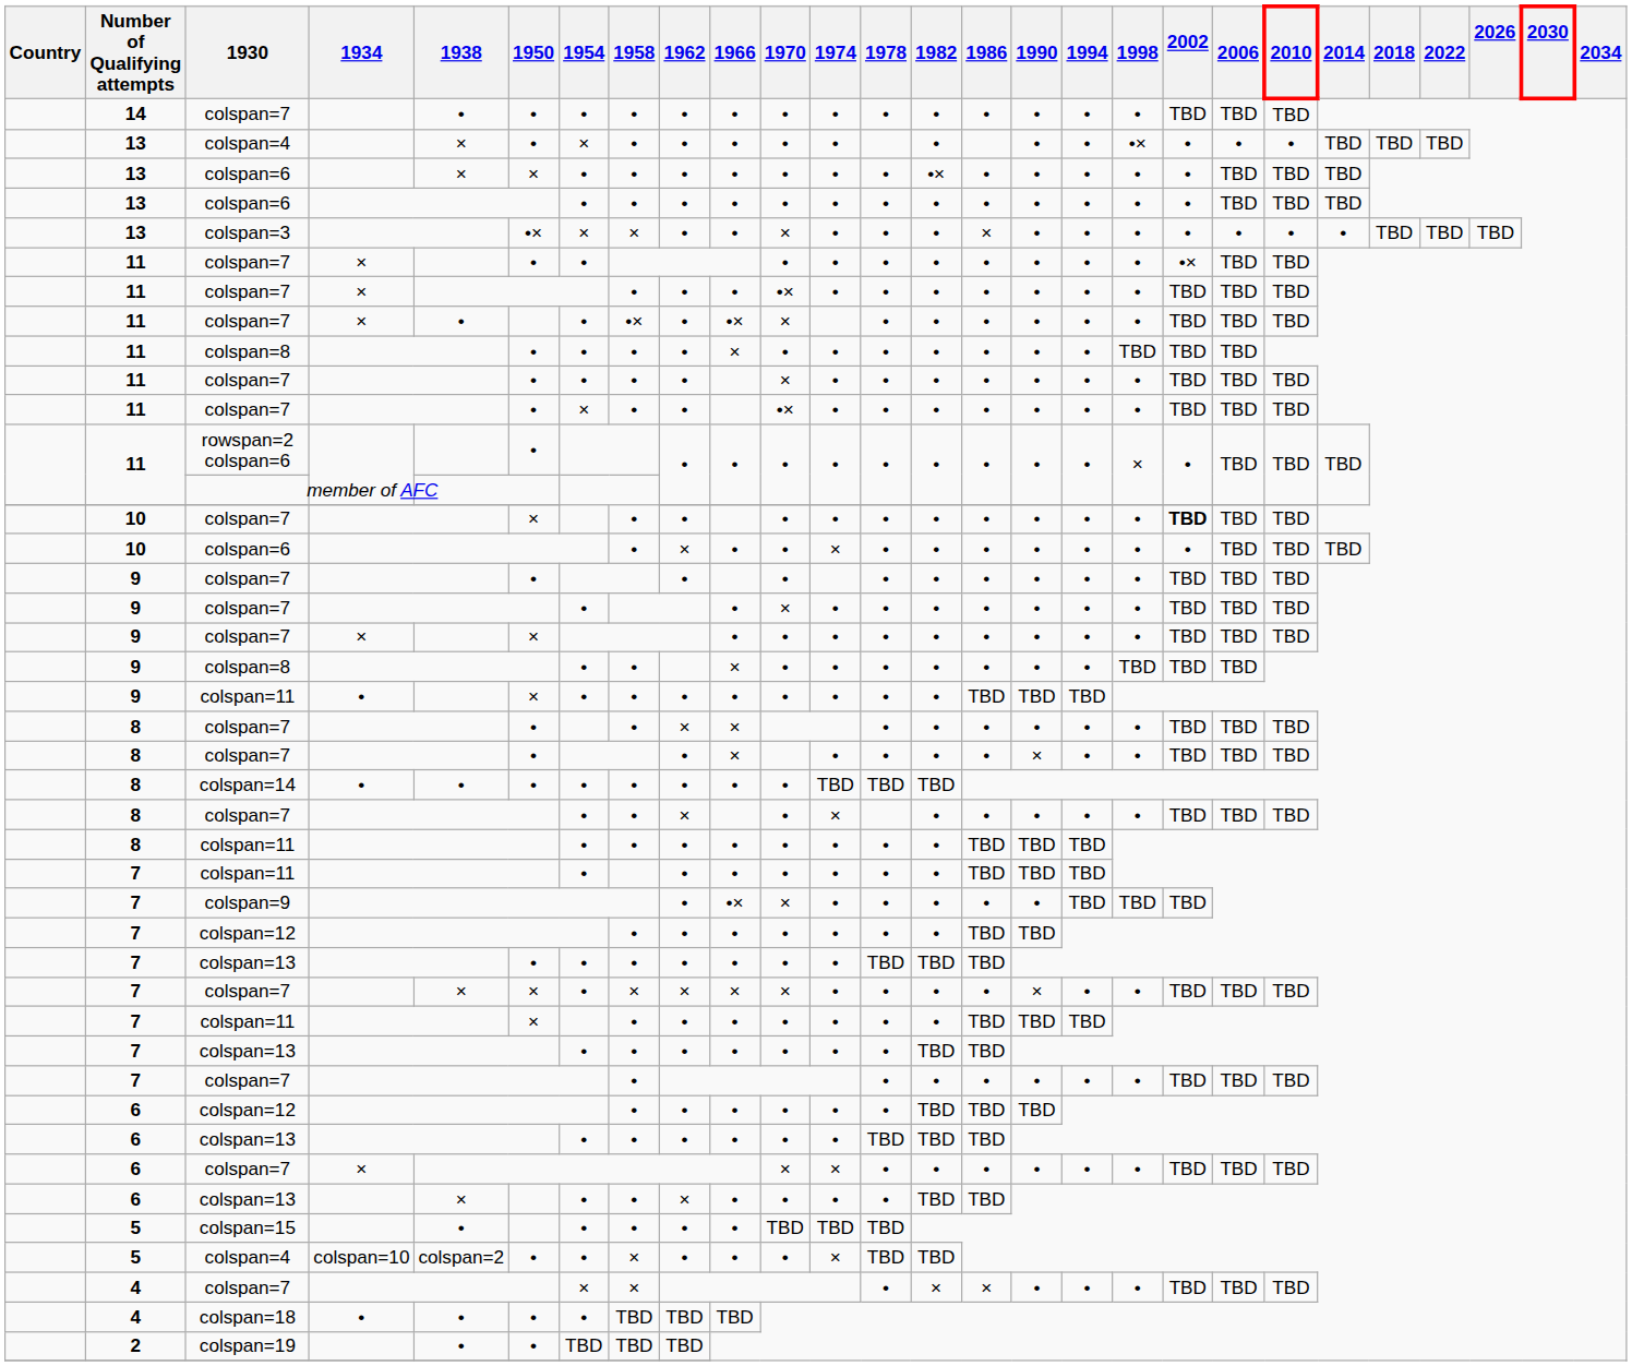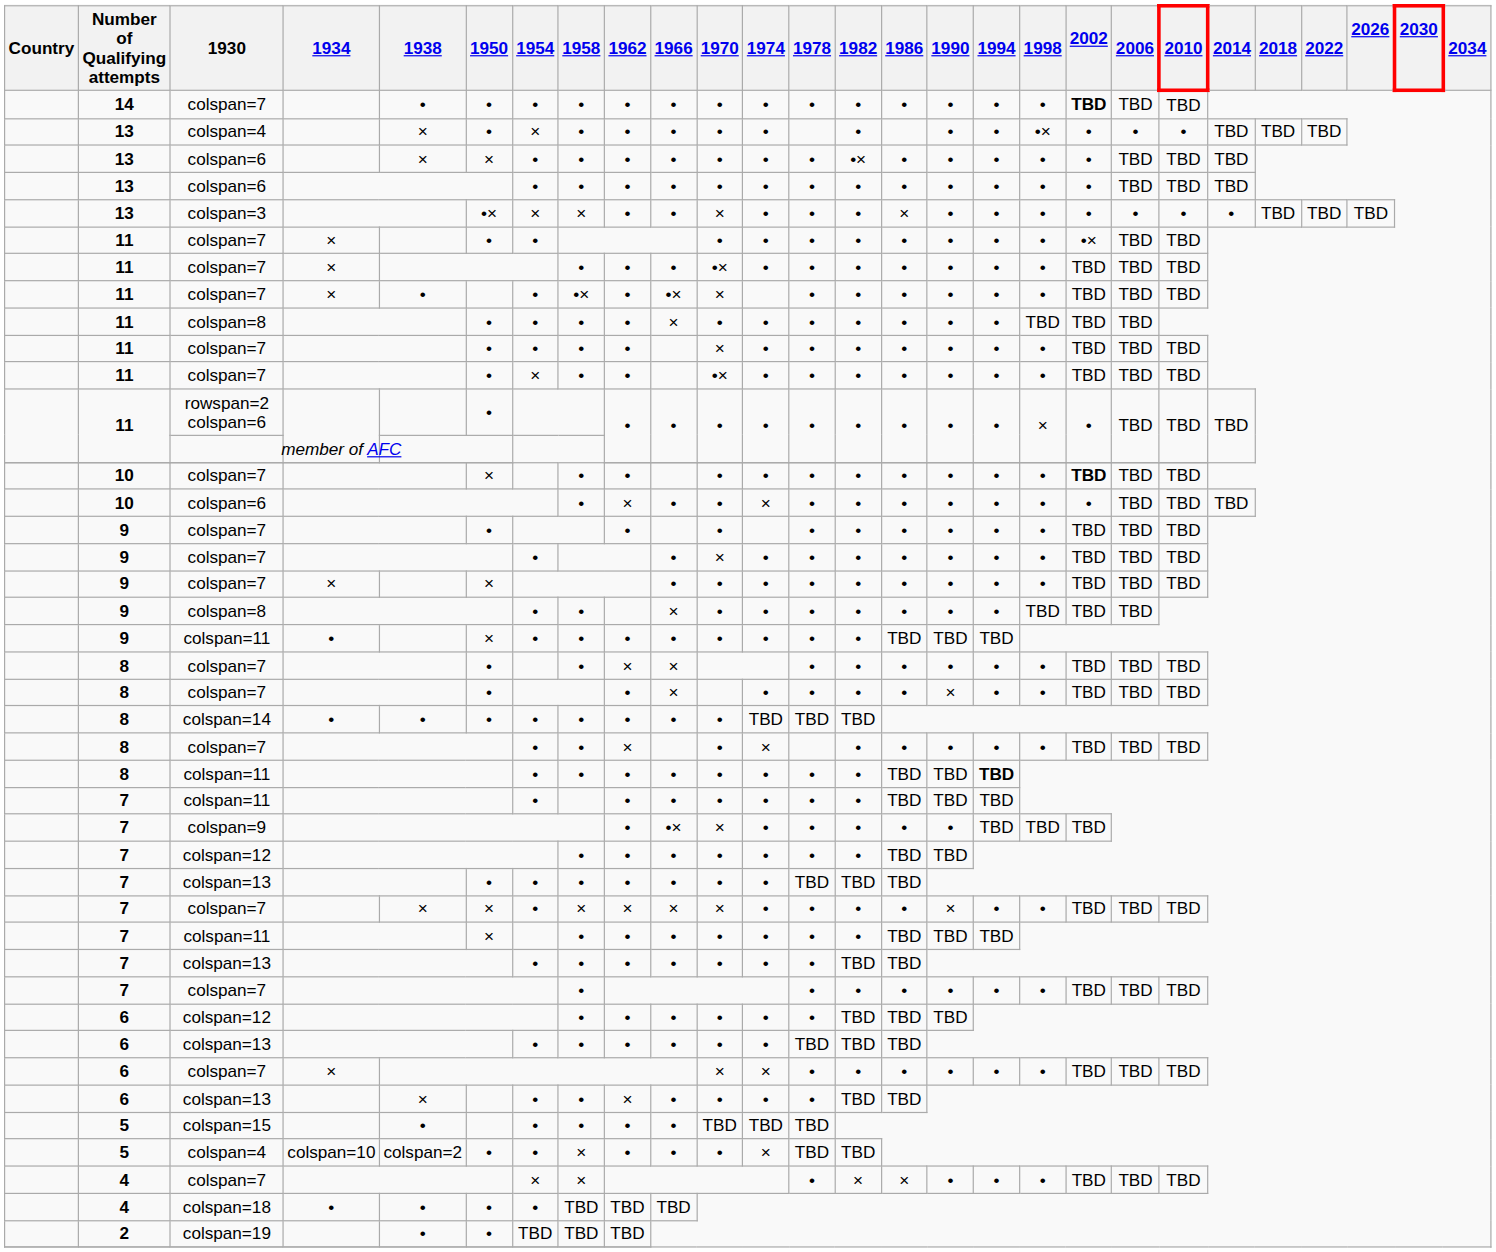 <table class="wikitable" style="text-align: center; font-size: 90%">
 <tr>
 <th>Country</th>
 <th>Number of <br> Qualifying<br>attempts</th>
 <th>1930<br> </th>
 <th><a href='#'>1934</a><br> </th>
 <th><a href='#'>1938</a><br> </th>
 <th><a href='#'>1950</a><br> </th>
 <th><a href='#'>1954</a><br> </th>
 <th><a href='#'>1958</a><br> </th>
 <th><a href='#'>1962</a><br> </th>
 <th><a href='#'>1966</a><br> </th>
 <th><a href='#'>1970</a><br> </th>
 <th><a href='#'>1974</a><br> </th>
 <th><a href='#'>1978</a><br> </th>
 <th><a href='#'>1982</a><br> </th>
 <th><a href='#'>1986</a><br> </th>
 <th><a href='#'>1990</a><br> </th>
 <th><a href='#'>1994</a><br> </th>
 <th><a href='#'>1998</a><br> </th>
 <th><a href='#'>2002</a><br> <br></th>
 <th><a href='#'>2006</a><br> </th>
 <th style="border:3px solid red"><a href='#'>2010</a><br> </th>
 <th><a href='#'>2014</a><br> </th>
 <th><a href='#'>2018</a><br> </th>
 <th><a href='#'>2022</a><br> </th>
 <th><a href='#'>2026</a><br> <br><br></th>
 <th style="border:3px solid red"><a href='#'>2030</a><br> <br><br></th>
 <th><a href='#'>2034</a><br> </th>
 </tr>
 <tr>
 <td style="text-align: left;"></td>
 <td><strong>14</strong></td>
 <td>colspan=7 </td>
 <td></td>
 <td>•</td>
 <td>•</td>
 <td>•</td>
 <td>•</td>
 <td>•</td>
 <td>•</td>
 <td>•</td>
 <td>•</td>
 <td>•</td>
 <td>•</td>
 <td>•</td>
 <td>•</td>
 <td>•</td>
 <td>•</td>
-<td>TBD</td>
+<td><strong>TBD</strong></td>
 <td>TBD</td>
 <td>TBD</td>
 </tr>
 <tr>
 <td style="text-align: left;"></td>
 <td><strong>13</strong></td>
 <td>colspan=4 </td>
 <td></td>
 <td>×</td>
 <td>•</td>
 <td>×</td>
 <td>•</td>
 <td>•</td>
 <td>•</td>
 <td>•</td>
 <td>•</td>
 <td></td>
 <td>•</td>
 <td></td>
 <td>•</td>
 <td>•</td>
 <td>•×</td>
 <td>•</td>
 <td>•</td>
 <td>•</td>
 <td>TBD</td>
 <td>TBD</td>
 <td>TBD</td>
 </tr>
 <tr>
 <td style="text-align: left;"></td>
 <td><strong>13</strong></td>
 <td>colspan=6 </td>
 <td></td>
 <td>×</td>
 <td>×</td>
 <td>•</td>
 <td>•</td>
 <td>•</td>
 <td>•</td>
 <td>•</td>
 <td>•</td>
 <td>•</td>
 <td>•×</td>
 <td>•</td>
 <td>•</td>
 <td>•</td>
 <td>•</td>
 <td>•</td>
 <td>TBD</td>
 <td>TBD</td>
 <td>TBD</td>
 </tr>
 <tr>
 <td style="text-align: left;"></td>
 <td><strong>13</strong></td>
 <td>colspan=6 </td>
 <td colspan=3></td>
 <td>•</td>
 <td>•</td>
 <td>•</td>
 <td>•</td>
 <td>•</td>
 <td>•</td>
 <td>•</td>
 <td>•</td>
 <td>•</td>
 <td>•</td>
 <td>•</td>
 <td>•</td>
 <td>•</td>
 <td>TBD</td>
 <td>TBD</td>
 <td>TBD</td>
 </tr>
 <tr>
 <td style="text-align: left;"></td>
 <td><strong>13</strong></td>
 <td>colspan=3 </td>
 <td colspan=2></td>
 <td>•×</td>
 <td>×</td>
 <td>×</td>
 <td>•</td>
 <td>•</td>
 <td>×</td>
 <td>•</td>
 <td>•</td>
 <td>•</td>
 <td>×</td>
 <td>•</td>
 <td>•</td>
 <td>•</td>
 <td>•</td>
 <td>•</td>
 <td>•</td>
 <td>•</td>
 <td>TBD</td>
 <td>TBD</td>
 <td>TBD</td>
 </tr>
 <tr>
 <td style="text-align: left;"></td>
 <td><strong>11</strong></td>
 <td>colspan=7 </td>
 <td>×</td>
 <td></td>
 <td>•</td>
 <td>•</td>
 <td colspan=3></td>
 <td>•</td>
 <td>•</td>
 <td>•</td>
 <td>•</td>
 <td>•</td>
 <td>•</td>
 <td>•</td>
 <td>•</td>
 <td>•×</td>
 <td>TBD</td>
 <td>TBD</td>
 </tr>
 <tr>
 <td style="text-align: left;"></td>
 <td><strong>11</strong></td>
 <td>colspan=7 </td>
 <td>×</td>
 <td colspan=3></td>
 <td>•</td>
 <td>•</td>
 <td>•</td>
 <td>•×</td>
 <td>•</td>
 <td>•</td>
 <td>•</td>
 <td>•</td>
 <td>•</td>
 <td>•</td>
 <td>•</td>
 <td>TBD</td>
 <td>TBD</td>
 <td>TBD</td>
 </tr>
 <tr>
 <td style="text-align: left;"></td>
 <td><strong>11</strong></td>
 <td>colspan=7 </td>
 <td>×</td>
 <td>•</td>
 <td></td>
 <td>•</td>
 <td>•×</td>
 <td>•</td>
 <td>•×</td>
 <td>×</td>
 <td></td>
 <td>•</td>
 <td>•</td>
 <td>•</td>
 <td>•</td>
 <td>•</td>
 <td>•</td>
 <td>TBD</td>
 <td>TBD</td>
 <td>TBD</td>
 </tr>
 <tr>
 <td style="text-align: left;"></td>
 <td><strong>11</strong></td>
 <td>colspan=8 </td>
 <td colspan=2></td>
 <td>•</td>
 <td>•</td>
 <td>•</td>
 <td>•</td>
 <td>×</td>
 <td>•</td>
 <td>•</td>
 <td>•</td>
 <td>•</td>
 <td>•</td>
 <td>•</td>
 <td>•</td>
 <td>TBD</td>
 <td>TBD</td>
 <td>TBD</td>
 </tr>
 <tr>
 <td style="text-align: left;"></td>
 <td><strong>11</strong></td>
 <td>colspan=7 </td>
 <td colspan=2></td>
 <td>•</td>
 <td>•</td>
 <td>•</td>
 <td>•</td>
 <td></td>
 <td>×</td>
 <td>•</td>
 <td>•</td>
 <td>•</td>
 <td>•</td>
 <td>•</td>
 <td>•</td>
 <td>•</td>
 <td>TBD</td>
 <td>TBD</td>
 <td>TBD</td>
 </tr>
 <tr>
 <td style="text-align: left;"></td>
 <td><strong>11</strong></td>
 <td>colspan=7 </td>
 <td colspan=2></td>
 <td>•</td>
 <td>×</td>
 <td>•</td>
 <td>•</td>
 <td></td>
 <td>•×</td>
 <td>•</td>
 <td>•</td>
 <td>•</td>
 <td>•</td>
 <td>•</td>
 <td>•</td>
 <td>•</td>
 <td>TBD</td>
 <td>TBD</td>
 <td>TBD</td>
 </tr>
 <tr>
 <td style="text-align: left;" rowspan=2></td>
 <td rowspan=2><strong>11</strong></td>
 <td>rowspan=2 colspan=6 </td>
 <td rowspan=2></td>
 <td></td>
 <td>•</td>
 <td colspan=2></td>
 <td rowspan=2>•</td>
 <td rowspan=2>•</td>
 <td rowspan=2>•</td>
 <td rowspan=2>•</td>
 <td rowspan=2>•</td>
 <td rowspan=2>•</td>
 <td rowspan=2>•</td>
 <td rowspan=2>•</td>
 <td rowspan=2>•</td>
 <td rowspan=2>×</td>
 <td rowspan=2>•</td>
 <td rowspan=2>TBD</td>
 <td rowspan=2>TBD</td>
 <td rowspan=2>TBD</td>
 </tr>
 <tr>
 <td colspan=4><em>member of <a href='#'>AFC</a></em></td>
 </tr>
 <tr>
 </tr>
 <tr>
 <td style="text-align: left;"></td>
 <td><strong>10</strong></td>
 <td>colspan=7 </td>
 <td colspan=2></td>
 <td>×</td>
 <td></td>
 <td>•</td>
 <td>•</td>
 <td></td>
 <td>•</td>
 <td>•</td>
 <td>•</td>
 <td>•</td>
 <td>•</td>
 <td>•</td>
 <td>•</td>
 <td>•</td>
 <td><strong>TBD</strong></td>
 <td>TBD</td>
 <td>TBD</td>
 </tr>
 <tr>
 <td style="text-align: left;"></td>
 <td><strong>10</strong></td>
 <td>colspan=6 </td>
 <td colspan=4></td>
 <td>•</td>
 <td>×</td>
 <td>•</td>
 <td>•</td>
 <td>×</td>
 <td>•</td>
 <td>•</td>
 <td>•</td>
 <td>•</td>
 <td>•</td>
 <td>•</td>
 <td>•</td>
 <td>TBD</td>
 <td>TBD</td>
 <td>TBD</td>
 </tr>
 <tr>
 <td style="text-align: left;"></td>
 <td><strong>9</strong></td>
 <td>colspan=7 </td>
 <td colspan=2></td>
 <td>•</td>
 <td colspan=2></td>
 <td>•</td>
 <td></td>
 <td>•</td>
 <td></td>
 <td>•</td>
 <td>•</td>
 <td>•</td>
 <td>•</td>
 <td>•</td>
 <td>•</td>
 <td>TBD</td>
 <td>TBD</td>
 <td>TBD</td>
 </tr>
 <tr>
 <td style="text-align: left;"></td>
 <td><strong>9</strong></td>
 <td>colspan=7 </td>
 <td colspan=3></td>
 <td>•</td>
 <td colspan=2></td>
 <td>•</td>
 <td>×</td>
 <td>•</td>
 <td>•</td>
 <td>•</td>
 <td>•</td>
 <td>•</td>
 <td>•</td>
 <td>•</td>
 <td>TBD</td>
 <td>TBD</td>
 <td>TBD</td>
 </tr>
 <tr>
 <td style="text-align: left;"></td>
 <td><strong>9</strong></td>
 <td>colspan=7 </td>
 <td>×</td>
 <td></td>
 <td>×</td>
 <td colspan=3></td>
 <td>•</td>
 <td>•</td>
 <td>•</td>
 <td>•</td>
 <td>•</td>
 <td>•</td>
 <td>•</td>
 <td>•</td>
 <td>•</td>
 <td>TBD</td>
 <td>TBD</td>
 <td>TBD</td>
 </tr>
 <tr>
 <td style="text-align: left;"></td>
 <td><strong>9</strong></td>
 <td>colspan=8 </td>
 <td colspan=3></td>
 <td>•</td>
 <td>•</td>
 <td></td>
 <td>×</td>
 <td>•</td>
 <td>•</td>
 <td>•</td>
 <td>•</td>
 <td>•</td>
 <td>•</td>
 <td>•</td>
 <td>TBD</td>
 <td>TBD</td>
 <td>TBD</td>
 </tr>
 <tr>
 <td style="text-align: left;"></td>
 <td><strong>9</strong></td>
 <td>colspan=11 </td>
 <td>•</td>
 <td></td>
 <td>×</td>
 <td>•</td>
 <td>•</td>
 <td>•</td>
 <td>•</td>
 <td>•</td>
 <td>•</td>
 <td>•</td>
 <td>•</td>
 <td>TBD</td>
 <td>TBD</td>
 <td>TBD</td>
 </tr>
 <tr>
 <td style="text-align: left;"></td>
 <td><strong>8</strong></td>
 <td>colspan=7 </td>
 <td colspan=2></td>
 <td>•</td>
 <td></td>
 <td>•</td>
 <td>×</td>
 <td>×</td>
 <td colspan=2></td>
 <td>•</td>
 <td>•</td>
 <td>•</td>
 <td>•</td>
 <td>•</td>
 <td>•</td>
 <td>TBD</td>
 <td>TBD</td>
 <td>TBD</td>
 </tr>
 <tr>
 <td style="text-align: left;"></td>
 <td><strong>8</strong></td>
 <td>colspan=7 </td>
 <td colspan=2></td>
 <td>•</td>
 <td colspan=2></td>
 <td>•</td>
 <td>×</td>
 <td></td>
 <td>•</td>
 <td>•</td>
 <td>•</td>
 <td>•</td>
 <td>×</td>
 <td>•</td>
 <td>•</td>
 <td>TBD</td>
 <td>TBD</td>
 <td>TBD</td>
 </tr>
 <tr>
 <td style="text-align: left;"></td>
 <td><strong>8</strong></td>
 <td>colspan=14 </td>
 <td>•</td>
 <td>•</td>
 <td>•</td>
 <td>•</td>
 <td>•</td>
 <td>•</td>
 <td>•</td>
 <td>•</td>
 <td>TBD</td>
 <td>TBD</td>
 <td>TBD</td>
 </tr>
 <tr>
 <td style="text-align: left;"></td>
 <td><strong>8</strong></td>
 <td>colspan=7 </td>
 <td colspan=3></td>
 <td>•</td>
 <td>•</td>
 <td>×</td>
 <td></td>
 <td>•</td>
 <td>×</td>
 <td></td>
 <td>•</td>
 <td>•</td>
 <td>•</td>
 <td>•</td>
 <td>•</td>
 <td>TBD</td>
 <td>TBD</td>
 <td>TBD</td>
 </tr>
 <tr>
 <td style="text-align: left;"></td>
 <td><strong>8</strong></td>
 <td>colspan=11 </td>
 <td colspan=3></td>
 <td>•</td>
 <td>•</td>
 <td>•</td>
 <td>•</td>
 <td>•</td>
 <td>•</td>
 <td>•</td>
 <td>•</td>
 <td>TBD</td>
 <td>TBD</td>
-<td>TBD</td>
+<td><strong>TBD</strong></td>
 </tr>
 <tr>
 <td style="text-align: left;"></td>
 <td><strong>7</strong></td>
 <td>colspan=11 </td>
 <td colspan=3></td>
 <td>•</td>
 <td></td>
 <td>•</td>
 <td>•</td>
 <td>•</td>
 <td>•</td>
 <td>•</td>
 <td>•</td>
 <td>TBD</td>
 <td>TBD</td>
 <td>TBD</td>
 </tr>
 <tr>
 <td style="text-align: left;"></td>
 <td><strong>7</strong></td>
 <td>colspan=9 </td>
 <td colspan=5></td>
 <td>•</td>
 <td>•×</td>
 <td>×</td>
 <td>•</td>
 <td>•</td>
 <td>•</td>
 <td>•</td>
 <td>•</td>
 <td>TBD</td>
 <td>TBD</td>
 <td>TBD</td>
 </tr>
 <tr>
 <td style="text-align: left;"></td>
 <td><strong>7</strong></td>
 <td>colspan=12 </td>
 <td colspan=4></td>
 <td>•</td>
 <td>•</td>
 <td>•</td>
 <td>•</td>
 <td>•</td>
 <td>•</td>
 <td>•</td>
 <td>TBD</td>
 <td>TBD</td>
 </tr>
 <tr>
 <td style="text-align: left;"></td>
 <td><strong>7</strong></td>
 <td>colspan=13 </td>
 <td colspan=2></td>
 <td>•</td>
 <td>•</td>
 <td>•</td>
 <td>•</td>
 <td>•</td>
 <td>•</td>
 <td>•</td>
 <td>TBD</td>
 <td>TBD</td>
 <td>TBD</td>
 </tr>
 <tr>
 <td style="text-align: left;"></td>
 <td><strong>7</strong></td>
 <td>colspan=7 </td>
 <td></td>
 <td>×</td>
 <td>×</td>
 <td>•</td>
 <td>×</td>
 <td>×</td>
 <td>×</td>
 <td>×</td>
 <td>•</td>
 <td>•</td>
 <td>•</td>
 <td>•</td>
 <td>×</td>
 <td>•</td>
 <td>•</td>
 <td>TBD</td>
 <td>TBD</td>
 <td>TBD</td>
 </tr>
 <tr>
 <td style="text-align: left;"></td>
 <td><strong>7</strong></td>
 <td>colspan=11 </td>
 <td colspan=2></td>
 <td>×</td>
 <td></td>
 <td>•</td>
 <td>•</td>
 <td>•</td>
 <td>•</td>
 <td>•</td>
 <td>•</td>
 <td>•</td>
 <td>TBD</td>
 <td>TBD</td>
 <td>TBD</td>
 </tr>
 <tr>
 <td style="text-align: left;"></td>
 <td><strong>7</strong></td>
 <td>colspan=13 </td>
 <td colspan=3></td>
 <td>•</td>
 <td>•</td>
 <td>•</td>
 <td>•</td>
 <td>•</td>
 <td>•</td>
 <td>•</td>
 <td>TBD</td>
 <td>TBD</td>
 </tr>
 <tr>
 <td style="text-align: left;"></td>
 <td><strong>7</strong></td>
 <td>colspan=7 </td>
 <td colspan=4></td>
 <td>•</td>
 <td colspan=4></td>
 <td>•</td>
 <td>•</td>
 <td>•</td>
 <td>•</td>
 <td>•</td>
 <td>•</td>
 <td>TBD</td>
 <td>TBD</td>
 <td>TBD</td>
 </tr>
 <tr>
 <td style="text-align: left;"></td>
 <td><strong>6</strong></td>
 <td>colspan=12 </td>
 <td colspan=4></td>
 <td>•</td>
 <td>•</td>
 <td>•</td>
 <td>•</td>
 <td>•</td>
 <td>•</td>
 <td>TBD</td>
 <td>TBD</td>
 <td>TBD</td>
 </tr>
 <tr>
 <td style="text-align: left;"></td>
 <td><strong>6</strong></td>
 <td>colspan=13 </td>
 <td colspan=3></td>
 <td>•</td>
 <td>•</td>
 <td>•</td>
 <td>•</td>
 <td>•</td>
 <td>•</td>
 <td>TBD</td>
 <td>TBD</td>
 <td>TBD</td>
 </tr>
 <tr>
 <td style="text-align: left;"></td>
 <td><strong>6</strong></td>
 <td>colspan=7 </td>
 <td>×</td>
 <td colspan=6></td>
 <td>×</td>
 <td>×</td>
 <td>•</td>
 <td>•</td>
 <td>•</td>
 <td>•</td>
 <td>•</td>
 <td>•</td>
 <td>TBD</td>
 <td>TBD</td>
 <td>TBD</td>
 </tr>
 <tr>
 <td style="text-align: left;"></td>
 <td><strong>6</strong></td>
 <td>colspan=13 </td>
 <td></td>
 <td>×</td>
 <td></td>
 <td>•</td>
 <td>•</td>
 <td>×</td>
 <td>•</td>
 <td>•</td>
 <td>•</td>
 <td>•</td>
 <td>TBD</td>
 <td>TBD</td>
 </tr>
 <tr>
 <td style="text-align: left;"></td>
 <td><strong>5</strong></td>
 <td>colspan=15 </td>
 <td></td>
 <td>•</td>
 <td></td>
 <td>•</td>
 <td>•</td>
 <td>•</td>
 <td>•</td>
 <td>TBD</td>
 <td>TBD</td>
 <td>TBD</td>
 </tr>
 <tr>
 <td style="text-align: left;"></td>
 <td><strong>5</strong></td>
 <td>colspan=4 </td>
 <td>colspan=10 </td>
 <td>colspan=2 </td>
 <td>•</td>
 <td>•</td>
 <td>×</td>
 <td>•</td>
 <td>•</td>
 <td>•</td>
 <td>×</td>
 <td>TBD</td>
 <td>TBD</td>
 </tr>
 <tr>
 <td style="text-align: left;"></td>
 <td><strong>4</strong></td>
 <td>colspan=7 </td>
 <td colspan=3></td>
 <td>×</td>
 <td>×</td>
 <td colspan=4></td>
 <td>•</td>
 <td>×</td>
 <td>×</td>
 <td>•</td>
 <td>•</td>
 <td>•</td>
 <td>TBD</td>
 <td>TBD</td>
 <td>TBD</td>
 </tr>
 <tr>
 <td style="text-align: left;"></td>
 <td><strong>4</strong></td>
 <td>colspan=18 </td>
 <td>•</td>
 <td>•</td>
 <td>•</td>
 <td>•</td>
 <td>TBD</td>
 <td>TBD</td>
 <td>TBD</td>
 </tr>
 <tr>
 <td style="text-align: left;"></td>
 <td><strong>2</strong></td>
 <td>colspan=19 </td>
 <td></td>
 <td>•</td>
 <td>•</td>
 <td>TBD</td>
 <td>TBD</td>
 <td>TBD</td>
 </tr>
 <tr>
 </tr>
 </table>
